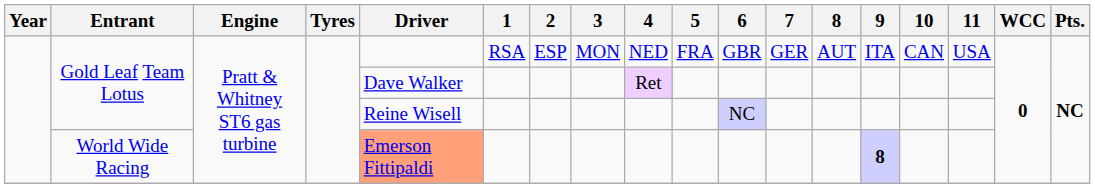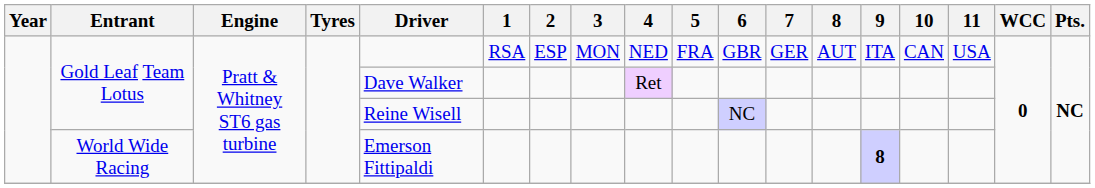 <table class="wikitable" style="text-align:center; font-size:95%">
 <tr>
 <th>Year</th>
 <th>Entrant</th>
 <th>Engine</th>
 <th>Tyres</th>
 <th>Driver</th>
 <th>1</th>
 <th>2</th>
 <th>3</th>
 <th>4</th>
 <th>5</th>
 <th>6</th>
 <th>7</th>
 <th>8</th>
 <th>9</th>
 <th>10</th>
 <th>11</th>
 <th>WCC</th>
 <th>Pts.</th>
 </tr>
 <tr>
 <td rowspan="4"></td>
 <td rowspan="3"><a href='#'>Gold Leaf</a> <a href='#'>Team Lotus</a></td>
 <td rowspan="4"><a href='#'>Pratt & Whitney<br>ST6 gas turbine</a></td>
 <td rowspan="4"></td>
 <td></td>
 <td><a href='#'>RSA</a></td>
 <td><a href='#'>ESP</a></td>
 <td><a href='#'>MON</a></td>
 <td><a href='#'>NED</a></td>
 <td><a href='#'>FRA</a></td>
 <td><a href='#'>GBR</a></td>
 <td><a href='#'>GER</a></td>
 <td><a href='#'>AUT</a></td>
 <td><a href='#'>ITA</a></td>
 <td><a href='#'>CAN</a></td>
 <td><a href='#'>USA</a></td>
 <td rowspan="4"><strong>0</strong></td>
 <td rowspan="4"><strong>NC</strong></td>
 </tr>
 <tr>
 <td align="left"><a href='#'>Dave Walker</a></td>
 <td></td>
 <td></td>
 <td></td>
 <td style="background:#EFCFFF;">Ret</td>
 <td></td>
 <td></td>
 <td></td>
 <td></td>
 <td></td>
 <td></td>
 <td></td>
 </tr>
 <tr>
 <td align="left"><a href='#'>Reine Wisell</a></td>
 <td></td>
 <td></td>
 <td></td>
 <td></td>
 <td></td>
 <td style="background:#CFCFFF;">NC</td>
 <td></td>
 <td></td>
 <td></td>
 <td></td>
 <td></td>
 </tr>
 <tr>
 <td><a href='#'>World Wide Racing</a></td>
-<td align="left" style="background: lightsalmon;"><a href='#'>Emerson Fittipaldi</a></td>
+<td align="left"><a href='#'>Emerson Fittipaldi</a></td>
 <td></td>
 <td></td>
 <td></td>
 <td></td>
 <td></td>
 <td></td>
 <td></td>
 <td></td>
 <td style="background:#CFCFFF;"><strong>8</strong></td>
 <td></td>
 <td></td>
 </tr>
 <tr>
 </tr>
 </table>
